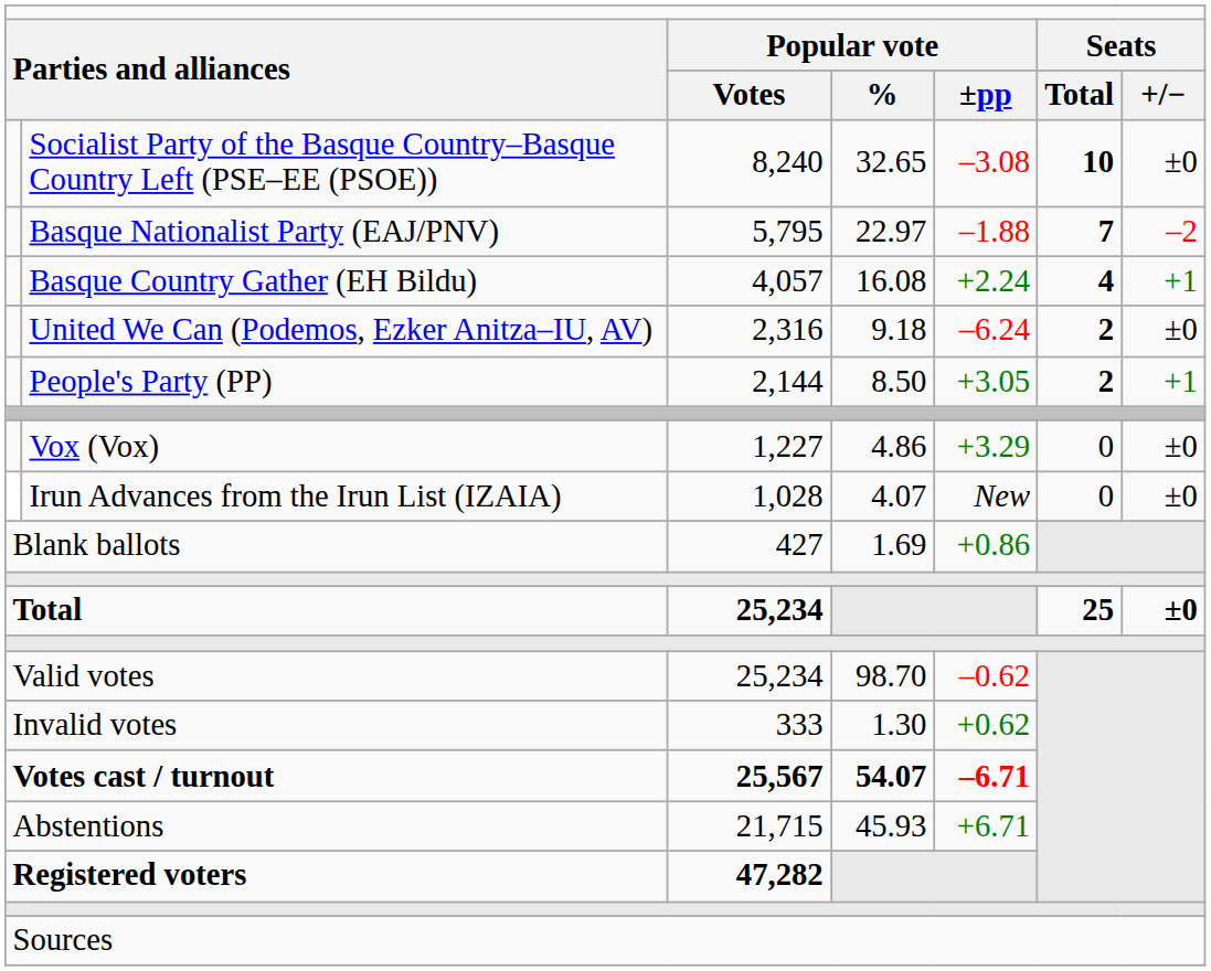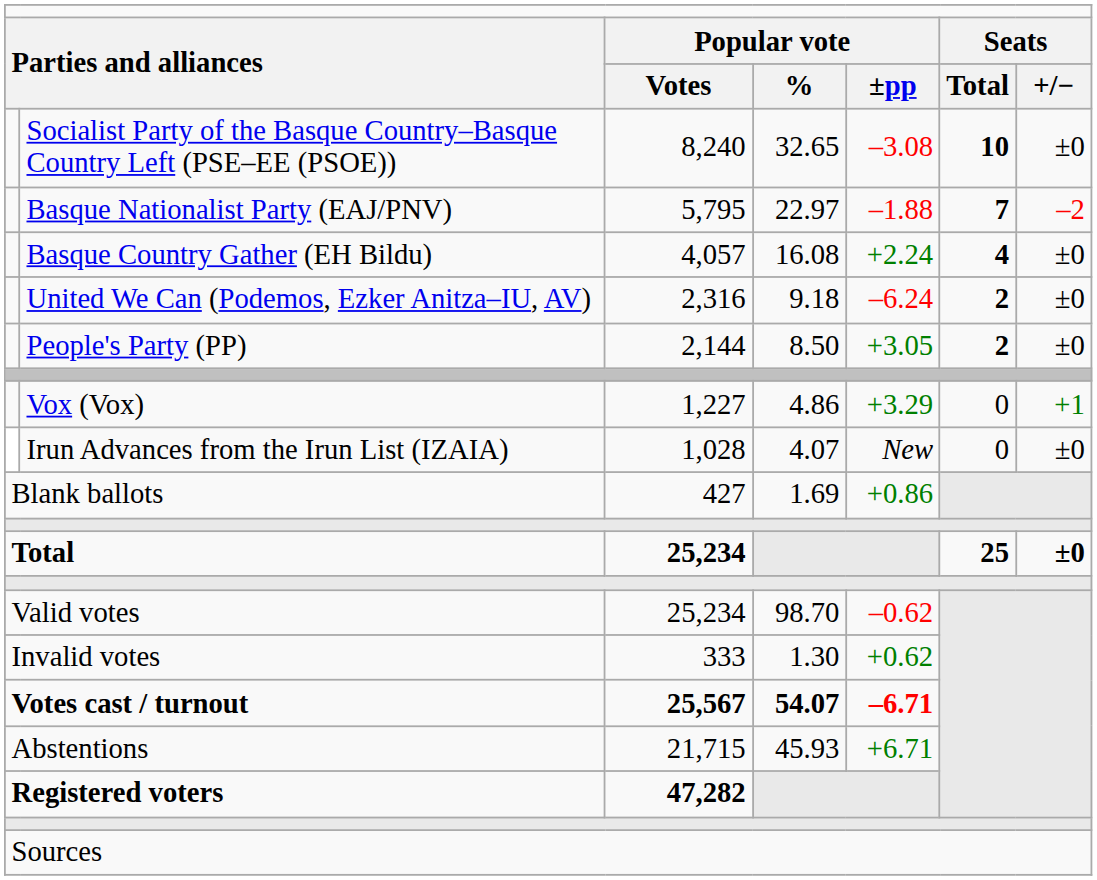 <table class="wikitable" style="text-align:right;">
 <tr>
 <td colspan="7"></td>
 </tr>
 <tr>
 <th style="text-align:left;" rowspan="2" colspan="2" width="525">Parties and alliances</th>
 <th colspan="3">Popular vote</th>
 <th colspan="2">Seats</th>
 </tr>
 <tr>
 <th width="75">Votes</th>
 <th width="45">%</th>
 <th width="45">±<a href='#'>pp</a></th>
 <th width="35">Total</th>
 <th width="35">+/−</th>
 </tr>
 <tr>
 <td width="1" style="color:inherit;background:"></td>
 <td align="left"><a href='#'>Socialist Party of the Basque Country–Basque Country Left</a> (PSE–EE (PSOE))</td>
 <td>8,240</td>
 <td>32.65</td>
 <td style="color:red;">–3.08</td>
 <td><strong>10</strong></td>
 <td>±0</td>
 </tr>
 <tr>
 <td style="color:inherit;background:"></td>
 <td align="left"><a href='#'>Basque Nationalist Party</a> (EAJ/PNV)</td>
 <td>5,795</td>
 <td>22.97</td>
 <td style="color:red;">–1.88</td>
 <td><strong>7</strong></td>
 <td style="color:red;">–2</td>
 </tr>
 <tr>
 <td style="color:inherit;background:"></td>
 <td align="left"><a href='#'>Basque Country Gather</a> (EH Bildu)</td>
 <td>4,057</td>
 <td>16.08</td>
 <td style="color:green;">+2.24</td>
 <td><strong>4</strong></td>
-<td style="color:green;">+1</td>
+<td>±0</td>
 </tr>
 <tr>
 <td style="color:inherit;background:"></td>
 <td align="left"><a href='#'>United We Can</a> (<a href='#'>Podemos</a>, <a href='#'>Ezker Anitza–IU</a>, <a href='#'>AV</a>)</td>
 <td>2,316</td>
 <td>9.18</td>
 <td style="color:red;">–6.24</td>
 <td><strong>2</strong></td>
 <td>±0</td>
 </tr>
 <tr>
 <td style="color:inherit;background:"></td>
 <td align="left"><a href='#'>People's Party</a> (PP)</td>
 <td>2,144</td>
 <td>8.50</td>
 <td style="color:green;">+3.05</td>
 <td><strong>2</strong></td>
-<td style="color:green;">+1</td>
+<td>±0</td>
 </tr>
 <tr>
 <td colspan="7" bgcolor="#C0C0C0"></td>
 </tr>
 <tr>
 <td style="color:inherit;background:"></td>
 <td align="left"><a href='#'>Vox</a> (Vox)</td>
 <td>1,227</td>
 <td>4.86</td>
 <td style="color:green;">+3.29</td>
 <td>0</td>
-<td>±0</td>
+<td style="color:green;">+1</td>
 </tr>
 <tr>
 <td bgcolor="white"></td>
 <td align="left">Irun Advances from the Irun List (IZAIA)</td>
 <td>1,028</td>
 <td>4.07</td>
 <td><em>New</em></td>
 <td>0</td>
 <td>±0</td>
 </tr>
 <tr>
 <td align="left" colspan="2">Blank ballots</td>
 <td>427</td>
 <td>1.69</td>
 <td style="color:green;">+0.86</td>
 <td bgcolor="#E9E9E9" colspan="2"></td>
 </tr>
 <tr>
 <td colspan="7" bgcolor="#E9E9E9"></td>
 </tr>
 <tr style="font-weight:bold;">
 <td align="left" colspan="2">Total</td>
 <td>25,234</td>
 <td bgcolor="#E9E9E9" colspan="2"></td>
 <td>25</td>
 <td>±0</td>
 </tr>
 <tr>
 <td colspan="7" bgcolor="#E9E9E9"></td>
 </tr>
 <tr>
 <td align="left" colspan="2">Valid votes</td>
 <td>25,234</td>
 <td>98.70</td>
 <td style="color:red;">–0.62</td>
 <td bgcolor="#E9E9E9" colspan="2" rowspan="5"></td>
 </tr>
 <tr>
 <td align="left" colspan="2">Invalid votes</td>
 <td>333</td>
 <td>1.30</td>
 <td style="color:green;">+0.62</td>
 </tr>
 <tr style="font-weight:bold;">
 <td align="left" colspan="2">Votes cast / turnout</td>
 <td>25,567</td>
 <td>54.07</td>
 <td style="color:red;">–6.71</td>
 </tr>
 <tr>
 <td align="left" colspan="2">Abstentions</td>
 <td>21,715</td>
 <td>45.93</td>
 <td style="color:green;">+6.71</td>
 </tr>
 <tr style="font-weight:bold;">
 <td align="left" colspan="2">Registered voters</td>
 <td>47,282</td>
 <td bgcolor="#E9E9E9" colspan="2"></td>
 </tr>
 <tr>
 <td colspan="7" bgcolor="#E9E9E9"></td>
 </tr>
 <tr>
 <td align="left" colspan="7">Sources</td>
 </tr>
 </table>
